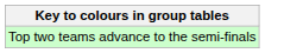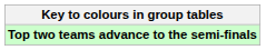 <table class="wikitable">
 <tr>
 <th>Key to colours in group tables</th>
 </tr>
 <tr bgcolor=#ccffcc>
-<td>Top two teams advance to the semi-finals</td>
+<td><strong>Top two teams advance to the semi-finals</strong></td>
 </tr>
 </table>
